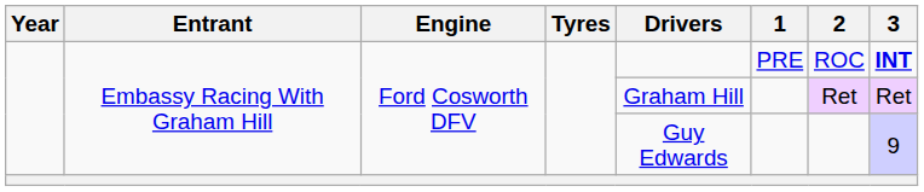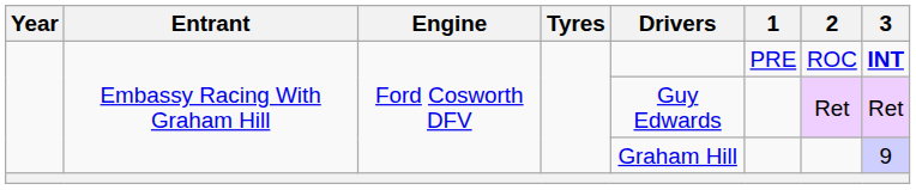 <table class="wikitable" style="text-align:center; font-size:95%">
 <tr>
 <th>Year</th>
 <th>Entrant</th>
 <th>Engine</th>
 <th>Tyres</th>
 <th>Drivers</th>
 <th>1</th>
 <th>2</th>
 <th>3</th>
 </tr>
 <tr>
 <td rowspan="3"></td>
 <td rowspan="3"><a href='#'>Embassy Racing With Graham Hill</a></td>
 <td rowspan="3"><a href='#'>Ford</a> <a href='#'>Cosworth DFV</a></td>
 <td rowspan="3"></td>
 <td></td>
 <td><a href='#'>PRE</a></td>
 <td><a href='#'>ROC</a></td>
 <td><strong><a href='#'>INT</a></strong></td>
 </tr>
 <tr>
-<td><a href='#'>Graham Hill</a></td>
+<td><a href='#'>Guy Edwards</a></td>
 <td></td>
 <td style="background:#EFCFFF;">Ret</td>
 <td style="background:#EFCFFF;">Ret</td>
 </tr>
 <tr>
-<td><a href='#'>Guy Edwards</a></td>
+<td><a href='#'>Graham Hill</a></td>
 <td></td>
 <td></td>
 <td style="background:#CFCFFF;">9</td>
 </tr>
 <tr>
 <th colspan="8"></th>
 </tr>
 </table>
